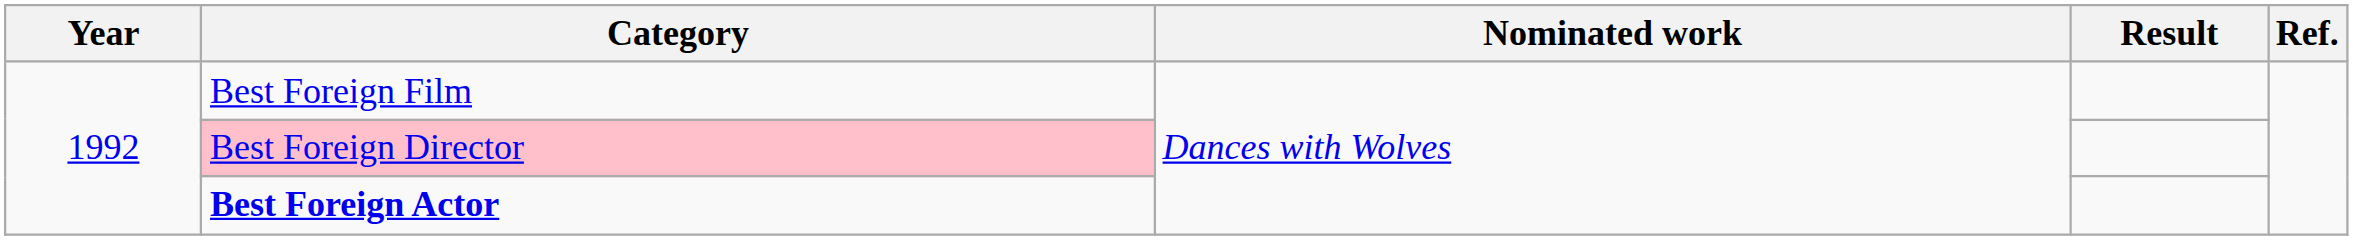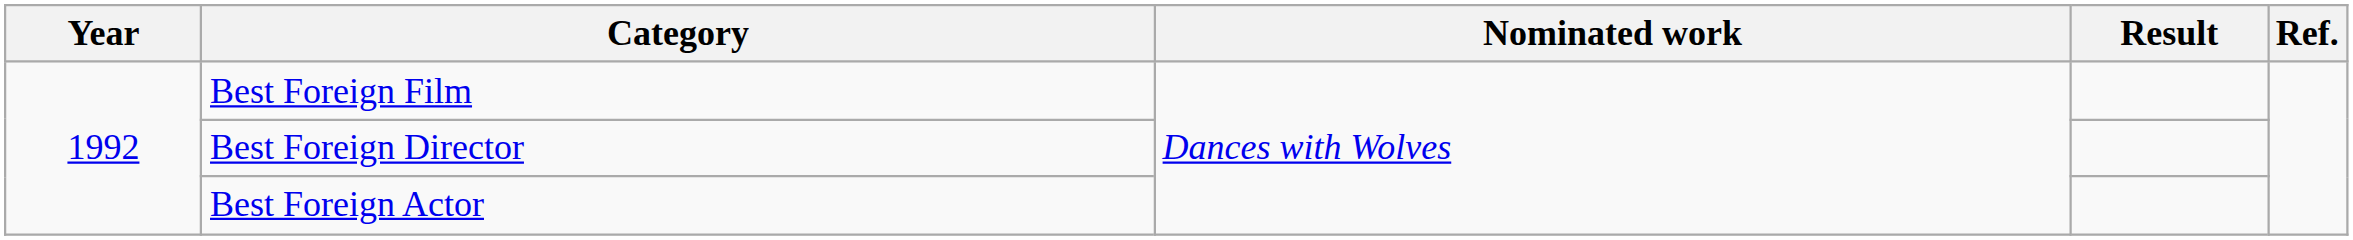 <table class=wikitable>
 <tr>
 <th scope="col" style="width:5em;">Year</th>
 <th scope="col" style="width:26em;">Category</th>
 <th scope="col" style="width:25em;">Nominated work</th>
 <th scope="col" style="width:5em;">Result</th>
 <th>Ref.</th>
 </tr>
 <tr>
 <td style="text-align:center;", rowspan="3"><a href='#'>1992</a></td>
 <td><a href='#'>Best Foreign Film</a></td>
 <td rowspan="3"><em><a href='#'>Dances with Wolves</a></em></td>
 <td></td>
 <td rowspan="3"></td>
 </tr>
 <tr>
-<td style="background: pink;"><a href='#'>Best Foreign Director</a></td>
+<td><a href='#'>Best Foreign Director</a></td>
 <td></td>
 </tr>
 <tr>
-<td><strong><a href='#'>Best Foreign Actor</a></strong></td>
+<td><a href='#'>Best Foreign Actor</a></td>
 <td></td>
 </tr>
 </table>
